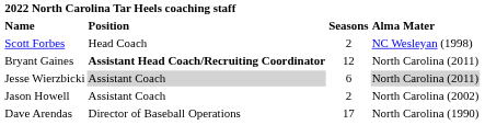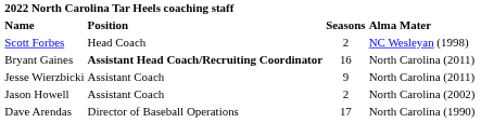 <table class="toccolours" style="text-align: left; font-size:90%;">
 <tr>
 <th colspan="9">2022 North Carolina Tar Heels coaching staff</th>
 </tr>
 <tr>
 <th>Name</th>
 <th>Position</th>
 <th>Seasons</th>
 <th>Alma Mater</th>
 </tr>
 <tr>
 <td><a href='#'>Scott Forbes</a></td>
 <td>Head Coach</td>
 <td align=center>2</td>
 <td><a href='#'>NC Wesleyan</a> (1998)</td>
 </tr>
 <tr>
 <td>Bryant Gaines</td>
 <td><strong>Assistant Head Coach/Recruiting Coordinator</strong></td>
-<td align=center>12</td>
+<td align=center>16</td>
 <td>North Carolina (2011)</td>
 </tr>
 <tr>
 <td>Jesse Wierzbicki</td>
-<td style="background: lightgrey;">Assistant Coach</td>
-<td align=center>6</td>
-<td style="background: lightgrey;">North Carolina (2011)</td>
+<td>Assistant Coach</td>
+<td align=center>9</td>
+<td>North Carolina (2011)</td>
 </tr>
 <tr>
 <td>Jason Howell</td>
 <td>Assistant Coach</td>
 <td align=center>2</td>
 <td>North Carolina (2002)</td>
 </tr>
 <tr>
 <td>Dave Arendas</td>
 <td>Director of Baseball Operations</td>
 <td align=center>17</td>
 <td>North Carolina (1990)</td>
 </tr>
 </table>
